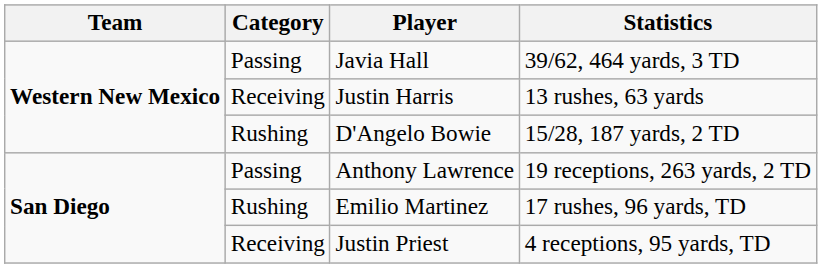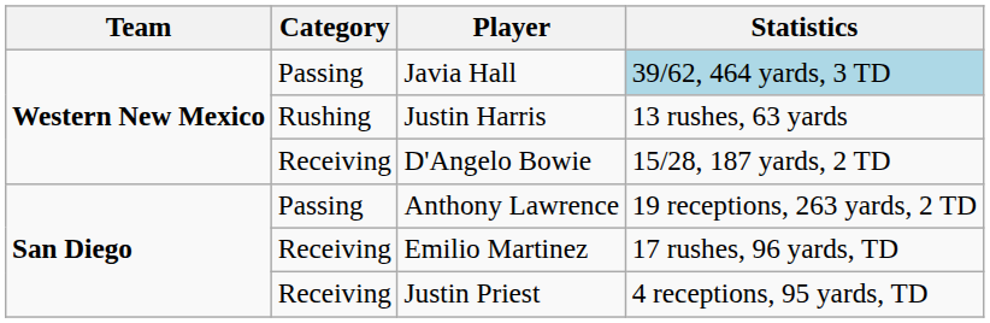 <table class="wikitable" style="float: left;">
 <tr>
 <th>Team</th>
 <th>Category</th>
 <th>Player</th>
 <th>Statistics</th>
 </tr>
 <tr>
 <td rowspan=3><strong>Western New Mexico</strong></td>
 <td>Passing</td>
 <td>Javia Hall</td>
-<td>39/62, 464 yards, 3 TD</td>
+<td style="background: lightblue;">39/62, 464 yards, 3 TD</td>
 </tr>
 <tr>
-<td>Receiving</td>
+<td>Rushing</td>
 <td>Justin Harris</td>
 <td>13 rushes, 63 yards</td>
 </tr>
 <tr>
-<td>Rushing</td>
+<td>Receiving</td>
 <td>D'Angelo Bowie</td>
 <td>15/28, 187 yards, 2 TD</td>
 </tr>
 <tr>
 <td rowspan=3><strong>San Diego</strong></td>
 <td>Passing</td>
 <td>Anthony Lawrence</td>
 <td>19 receptions, 263 yards, 2 TD</td>
 </tr>
 <tr>
-<td>Rushing</td>
+<td>Receiving</td>
 <td>Emilio Martinez</td>
 <td>17 rushes, 96 yards, TD</td>
 </tr>
 <tr>
 <td>Receiving</td>
 <td>Justin Priest</td>
 <td>4 receptions, 95 yards, TD</td>
 </tr>
 </table>
